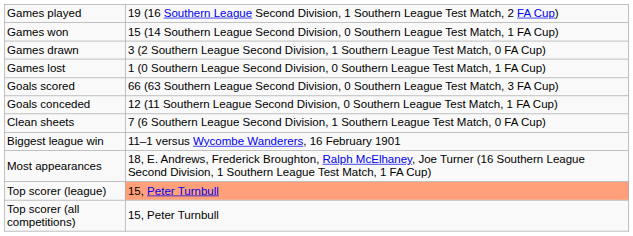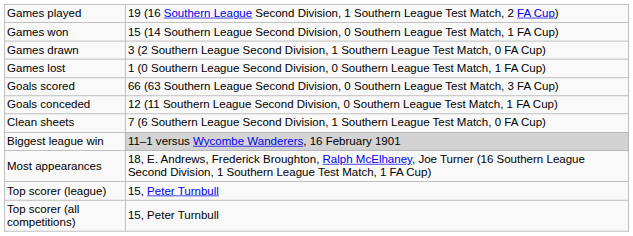 <table class="wikitable">
 <tr>
 <td>Games played</td>
 <td>19 (16 <a href='#'>Southern League</a> Second Division, 1 Southern League Test Match, 2 <a href='#'>FA Cup</a>)</td>
 </tr>
 <tr>
 <td>Games won</td>
 <td>15 (14 Southern League Second Division, 0 Southern League Test Match, 1 FA Cup)</td>
 </tr>
 <tr>
 <td>Games drawn</td>
 <td>3 (2 Southern League Second Division, 1 Southern League Test Match, 0 FA Cup)</td>
 </tr>
 <tr>
 <td>Games lost</td>
 <td>1 (0 Southern League Second Division, 0 Southern League Test Match, 1 FA Cup)</td>
 </tr>
 <tr>
 <td>Goals scored</td>
 <td>66 (63 Southern League Second Division, 0 Southern League Test Match, 3 FA Cup)</td>
 </tr>
 <tr>
 <td>Goals conceded</td>
 <td>12 (11 Southern League Second Division, 0 Southern League Test Match, 1 FA Cup)</td>
 </tr>
 <tr>
 <td>Clean sheets</td>
 <td>7 (6 Southern League Second Division, 1 Southern League Test Match, 0 FA Cup)</td>
 </tr>
 <tr>
 <td>Biggest league win</td>
-<td>11–1 versus <a href='#'>Wycombe Wanderers</a>, 16 February 1901</td>
+<td style="background: lightgrey;">11–1 versus <a href='#'>Wycombe Wanderers</a>, 16 February 1901</td>
 </tr>
 <tr>
 <td>Most appearances</td>
 <td>18, E. Andrews, Frederick Broughton, <a href='#'>Ralph McElhaney</a>, Joe Turner (16 Southern League Second Division, 1 Southern League Test Match, 1 FA Cup)</td>
 </tr>
 <tr>
 <td>Top scorer (league)</td>
-<td style="background: lightsalmon;">15, <a href='#'>Peter Turnbull</a></td>
+<td>15, <a href='#'>Peter Turnbull</a></td>
 </tr>
 <tr>
 <td>Top scorer (all competitions)</td>
 <td>15, Peter Turnbull</td>
 </tr>
 </table>
